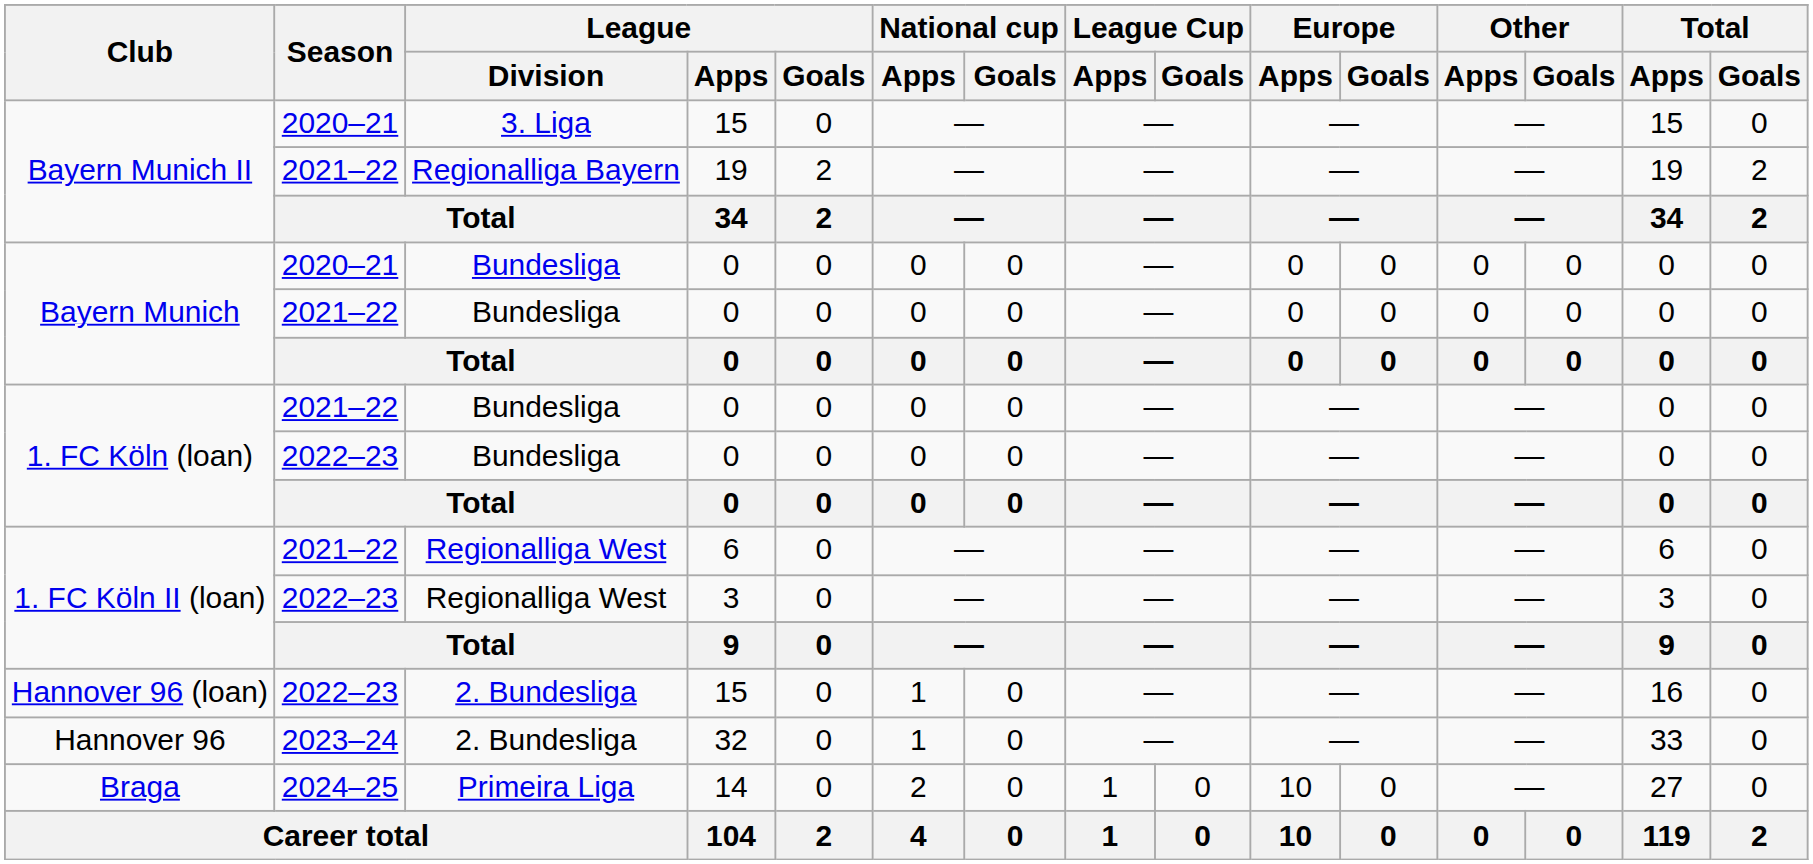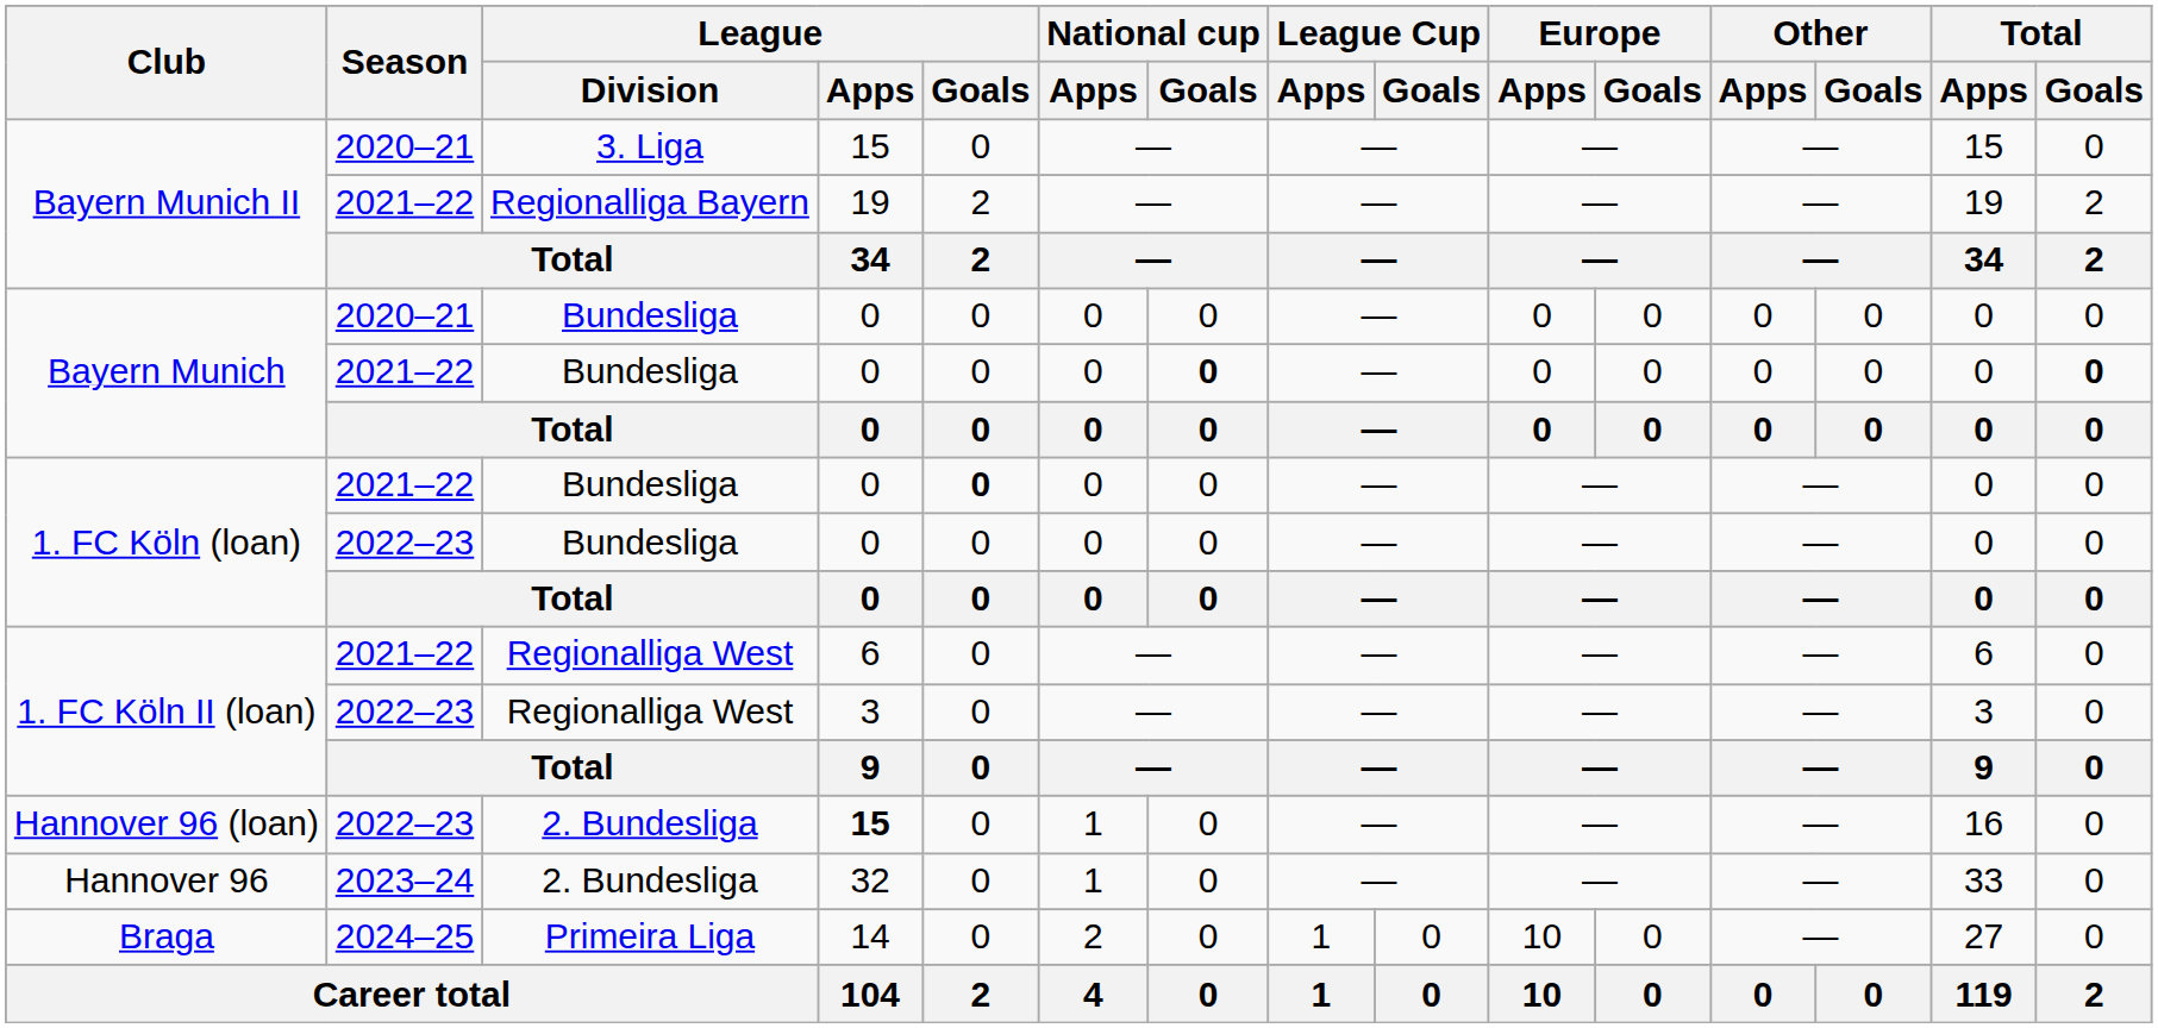 <table class="wikitable" style="text-align: center;">
 <tr>
 <th rowspan="2">Club</th>
 <th rowspan="2">Season</th>
 <th colspan="3">League</th>
 <th colspan="2">National cup</th>
 <th colspan="2">League Cup</th>
 <th colspan="2">Europe</th>
 <th colspan="2">Other</th>
 <th colspan="2">Total</th>
 </tr>
 <tr>
 <th>Division</th>
 <th>Apps</th>
 <th>Goals</th>
 <th>Apps</th>
 <th>Goals</th>
 <th>Apps</th>
 <th>Goals</th>
 <th>Apps</th>
 <th>Goals</th>
 <th>Apps</th>
 <th>Goals</th>
 <th>Apps</th>
 <th>Goals</th>
 </tr>
 <tr>
 <td rowspan="3"><a href='#'>Bayern Munich II</a></td>
 <td><a href='#'>2020–21</a></td>
 <td><a href='#'>3. Liga</a></td>
 <td>15</td>
 <td>0</td>
 <td colspan="2">—</td>
 <td colspan="2">—</td>
 <td colspan="2">—</td>
 <td colspan="2">—</td>
 <td>15</td>
 <td>0</td>
 </tr>
 <tr>
 <td><a href='#'>2021–22</a></td>
 <td><a href='#'>Regionalliga Bayern</a></td>
 <td>19</td>
 <td>2</td>
 <td colspan="2">—</td>
 <td colspan="2">—</td>
 <td colspan="2">—</td>
 <td colspan="2">—</td>
 <td>19</td>
 <td>2</td>
 </tr>
 <tr>
 <th colspan="2">Total</th>
 <th>34</th>
 <th>2</th>
 <th colspan="2">—</th>
 <th colspan="2">—</th>
 <th colspan="2">—</th>
 <th colspan="2">—</th>
 <th>34</th>
 <th>2</th>
 </tr>
 <tr>
 <td rowspan="3"><a href='#'>Bayern Munich</a></td>
 <td><a href='#'>2020–21</a></td>
 <td><a href='#'>Bundesliga</a></td>
 <td>0</td>
 <td>0</td>
 <td>0</td>
 <td>0</td>
 <td colspan="2">—</td>
 <td>0</td>
 <td>0</td>
 <td>0</td>
 <td>0</td>
 <td>0</td>
 <td>0</td>
 </tr>
 <tr>
 <td><a href='#'>2021–22</a></td>
 <td>Bundesliga</td>
 <td>0</td>
 <td>0</td>
 <td>0</td>
-<td>0</td>
+<td><strong>0</strong></td>
 <td colspan="2">—</td>
 <td>0</td>
 <td>0</td>
 <td>0</td>
 <td>0</td>
 <td>0</td>
-<td>0</td>
+<td><strong>0</strong></td>
 </tr>
 <tr>
 <th colspan="2">Total</th>
 <th>0</th>
 <th>0</th>
 <th>0</th>
 <th>0</th>
 <th colspan="2">—</th>
 <th>0</th>
 <th>0</th>
 <th>0</th>
 <th>0</th>
 <th>0</th>
 <th>0</th>
 </tr>
 <tr>
 <td rowspan="3"><a href='#'>1. FC Köln</a> (loan)</td>
 <td><a href='#'>2021–22</a></td>
 <td>Bundesliga</td>
 <td>0</td>
-<td>0</td>
+<td><strong>0</strong></td>
 <td>0</td>
 <td>0</td>
 <td colspan="2">—</td>
 <td colspan="2">—</td>
 <td colspan="2">—</td>
 <td>0</td>
 <td>0</td>
 </tr>
 <tr>
 <td><a href='#'>2022–23</a></td>
 <td>Bundesliga</td>
 <td>0</td>
 <td>0</td>
 <td>0</td>
 <td>0</td>
 <td colspan="2">—</td>
 <td colspan="2">—</td>
 <td colspan="2">—</td>
 <td>0</td>
 <td>0</td>
 </tr>
 <tr>
 <th colspan="2">Total</th>
 <th>0</th>
 <th>0</th>
 <th>0</th>
 <th>0</th>
 <th colspan="2">—</th>
 <th colspan="2">—</th>
 <th colspan="2">—</th>
 <th>0</th>
 <th>0</th>
 </tr>
 <tr>
 <td rowspan="3"><a href='#'>1. FC Köln II</a> (loan)</td>
 <td><a href='#'>2021–22</a></td>
 <td><a href='#'>Regionalliga West</a></td>
 <td>6</td>
 <td>0</td>
 <td colspan="2">—</td>
 <td colspan="2">—</td>
 <td colspan="2">—</td>
 <td colspan="2">—</td>
 <td>6</td>
 <td>0</td>
 </tr>
 <tr>
 <td><a href='#'>2022–23</a></td>
 <td>Regionalliga West</td>
 <td>3</td>
 <td>0</td>
 <td colspan="2">—</td>
 <td colspan="2">—</td>
 <td colspan="2">—</td>
 <td colspan="2">—</td>
 <td>3</td>
 <td>0</td>
 </tr>
 <tr>
 <th colspan="2">Total</th>
 <th>9</th>
 <th>0</th>
 <th colspan="2">—</th>
 <th colspan="2">—</th>
 <th colspan="2">—</th>
 <th colspan="2">—</th>
 <th>9</th>
 <th>0</th>
 </tr>
 <tr>
 <td><a href='#'>Hannover 96</a> (loan)</td>
 <td><a href='#'>2022–23</a></td>
 <td><a href='#'>2. Bundesliga</a></td>
-<td>15</td>
+<td><strong>15</strong></td>
 <td>0</td>
 <td>1</td>
 <td>0</td>
 <td colspan="2">—</td>
 <td colspan="2">—</td>
 <td colspan="2">—</td>
 <td>16</td>
 <td>0</td>
 </tr>
 <tr>
 <td>Hannover 96</td>
 <td><a href='#'>2023–24</a></td>
 <td>2. Bundesliga</td>
 <td>32</td>
 <td>0</td>
 <td>1</td>
 <td>0</td>
 <td colspan="2">—</td>
 <td colspan="2">—</td>
 <td colspan="2">—</td>
 <td>33</td>
 <td>0</td>
 </tr>
 <tr>
 <td><a href='#'>Braga</a></td>
 <td><a href='#'>2024–25</a></td>
 <td><a href='#'>Primeira Liga</a></td>
 <td>14</td>
 <td>0</td>
 <td>2</td>
 <td>0</td>
 <td>1</td>
 <td>0</td>
 <td>10</td>
 <td>0</td>
 <td colspan="2">—</td>
 <td>27</td>
 <td>0</td>
 </tr>
 <tr>
 <th colspan="3">Career total</th>
 <th>104</th>
 <th>2</th>
 <th>4</th>
 <th>0</th>
 <th>1</th>
 <th>0</th>
 <th>10</th>
 <th>0</th>
 <th>0</th>
 <th>0</th>
 <th>119</th>
 <th>2</th>
 </tr>
 </table>
